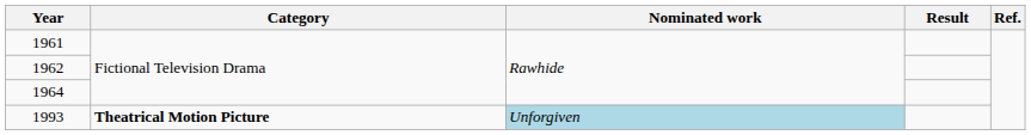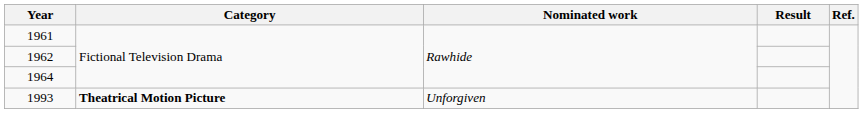 <table class=wikitable>
 <tr>
 <th scope="col" style="width:5em;">Year</th>
 <th scope="col" style="width:26em;">Category</th>
 <th scope="col" style="width:25em;">Nominated work</th>
 <th scope="col" style="width:5em;">Result</th>
 <th>Ref.</th>
 </tr>
 <tr>
 <td style="text-align:center;">1961</td>
 <td rowspan="3">Fictional Television Drama</td>
 <td rowspan="3"><em>Rawhide</em></td>
 <td></td>
 <td rowspan=4></td>
 </tr>
 <tr>
 <td style="text-align:center;">1962</td>
 <td></td>
 </tr>
 <tr>
 <td style="text-align:center;">1964</td>
 <td></td>
 </tr>
 <tr>
 <td style="text-align:center;">1993</td>
 <td><strong>Theatrical Motion Picture</strong></td>
-<td style="background: lightblue;"><em>Unforgiven</em></td>
+<td><em>Unforgiven</em></td>
 <td></td>
 </tr>
 </table>
